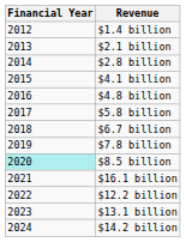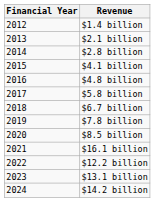 <table class="wikitable">
 <tr>
 <th>Financial Year</th>
 <th>Revenue</th>
 </tr>
 <tr>
 <td>2012</td>
 <td>$1.4 billion</td>
 </tr>
 <tr>
 <td>2013</td>
 <td>$2.1 billion</td>
 </tr>
 <tr>
 <td>2014</td>
 <td>$2.8 billion</td>
 </tr>
 <tr>
 <td>2015</td>
 <td>$4.1 billion</td>
 </tr>
 <tr>
 <td>2016</td>
 <td>$4.8 billion</td>
 </tr>
 <tr>
 <td>2017</td>
 <td>$5.8 billion</td>
 </tr>
 <tr>
 <td>2018</td>
 <td>$6.7 billion</td>
 </tr>
 <tr>
 <td>2019</td>
 <td>$7.8 billion</td>
 </tr>
 <tr>
-<td style="background: paleturquoise;">2020</td>
+<td>2020</td>
 <td>$8.5 billion</td>
 </tr>
 <tr>
 <td>2021</td>
 <td>$16.1 billion</td>
 </tr>
 <tr>
 <td>2022</td>
 <td>$12.2 billion</td>
 </tr>
 <tr>
 <td>2023</td>
 <td>$13.1 billion</td>
 </tr>
 <tr>
 <td>2024</td>
 <td>$14.2 billion</td>
 </tr>
 </table>
